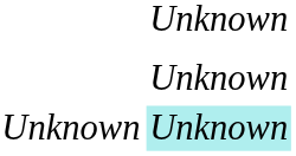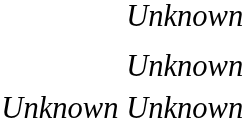 <table>
 <tr>
 <th scope=row style="text-align:left"></th>
 <td></td>
 <td><em>Unknown</em></td>
 <td></td>
 </tr>
 <tr>
 <th scope=row style="text-align:left"></th>
 <td></td>
 <td></td>
 <td></td>
 </tr>
 <tr>
 <th scope=row style="text-align:left"></th>
 <td></td>
 <td><em>Unknown</em></td>
 <td></td>
 </tr>
 <tr>
 <th scope=row style="text-align:left"></th>
 <td><em>Unknown</em></td>
-<td style="background: paleturquoise;"><em>Unknown</em></td>
+<td><em>Unknown</em></td>
 <td></td>
 </tr>
 <tr>
 <th scope=row style="text-align:left"></th>
 <td></td>
 <td></td>
 <td></td>
 </tr>
 </table>
